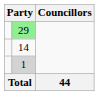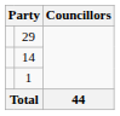 <table class="wikitable">
 <tr>
 <th colspan=2>Party</th>
 <th>Councillors</th>
 </tr>
 <tr>
 <td></td>
-<td align=center style="background: lightgreen;">29</td>
+<td align=center>29</td>
 </tr>
 <tr>
 <td></td>
 <td align=center>14</td>
 </tr>
 <tr>
 <td></td>
-<td align=center style="background: lightgrey;">1</td>
+<td align=center>1</td>
 </tr>
 <tr>
 <th colspan=2>Total</th>
 <th align=center>44</th>
 </tr>
 </table>
